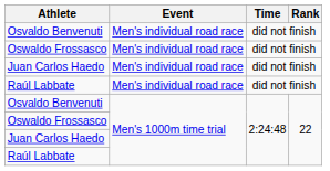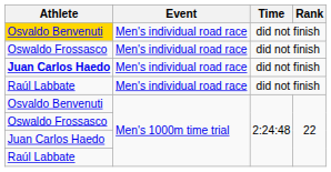 <table class=wikitable style="font-size:90%">
 <tr>
 <th>Athlete</th>
 <th>Event</th>
 <th>Time</th>
 <th>Rank</th>
 </tr>
 <tr>
-<td><a href='#'>Osvaldo Benvenuti</a></td>
+<td style="background: gold;"><a href='#'>Osvaldo Benvenuti</a></td>
 <td><a href='#'>Men's individual road race</a></td>
 <td align=center colspan=2>did not finish</td>
 </tr>
 <tr>
 <td><a href='#'>Oswaldo Frossasco</a></td>
 <td><a href='#'>Men's individual road race</a></td>
 <td align=center colspan=2>did not finish</td>
 </tr>
 <tr>
-<td><a href='#'>Juan Carlos Haedo</a></td>
+<td><strong><a href='#'>Juan Carlos Haedo</a></strong></td>
 <td><a href='#'>Men's individual road race</a></td>
 <td align=center colspan=2>did not finish</td>
 </tr>
 <tr>
 <td><a href='#'>Raúl Labbate</a></td>
 <td><a href='#'>Men's individual road race</a></td>
 <td align=center colspan=2>did not finish</td>
 </tr>
 <tr>
 <td><a href='#'>Osvaldo Benvenuti</a></td>
 <td rowspan=4><a href='#'>Men's 1000m time trial</a></td>
 <td align=center rowspan=4>2:24:48</td>
 <td align=center rowspan=4>22</td>
 </tr>
 <tr>
 <td><a href='#'>Oswaldo Frossasco</a></td>
 </tr>
 <tr>
 <td><a href='#'>Juan Carlos Haedo</a></td>
 </tr>
 <tr>
 <td><a href='#'>Raúl Labbate</a></td>
 </tr>
 </table>
